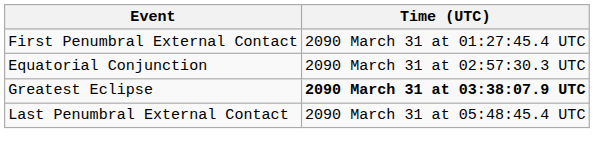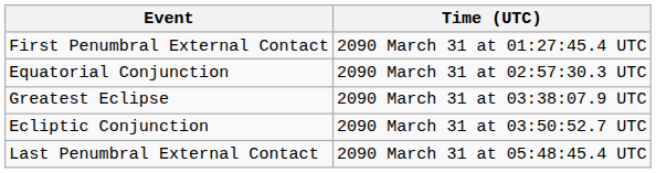 <table class="wikitable">
 <tr>
 <th>Event</th>
 <th>Time (UTC)</th>
 </tr>
 <tr>
 <td>First Penumbral External Contact</td>
 <td>2090 March 31 at 01:27:45.4 UTC</td>
 </tr>
 <tr>
 <td>Equatorial Conjunction</td>
 <td>2090 March 31 at 02:57:30.3 UTC</td>
 </tr>
 <tr>
 <td>Greatest Eclipse</td>
-<td><strong>2090 March 31 at 03:38:07.9 UTC</strong></td>
+<td>2090 March 31 at 03:38:07.9 UTC</td>
+</tr>
+<tr>
+<td>Ecliptic Conjunction</td>
+<td>2090 March 31 at 03:50:52.7 UTC</td>
 </tr>
 <tr>
 <td>Last Penumbral External Contact</td>
 <td>2090 March 31 at 05:48:45.4 UTC</td>
 </tr>
 </table>
